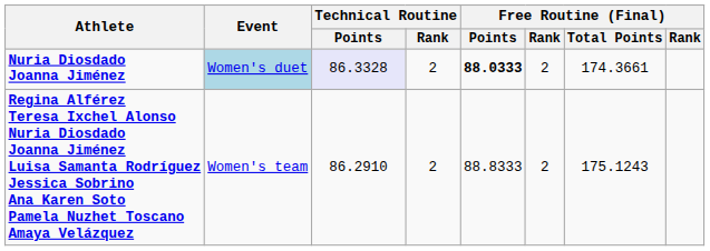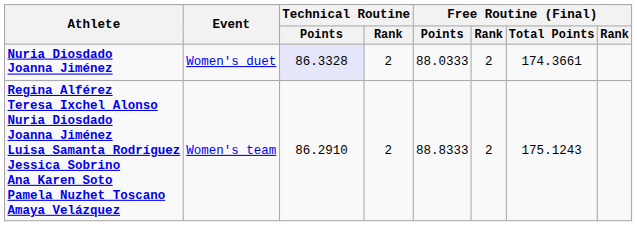 <table class=wikitable style="font-size:90%">
 <tr>
 <th rowspan="2">Athlete</th>
 <th rowspan="2">Event</th>
 <th colspan="2">Technical Routine</th>
 <th colspan="4">Free Routine (Final)</th>
 </tr>
 <tr style="font-size:95%">
 <th>Points</th>
 <th>Rank</th>
 <th>Points</th>
 <th>Rank</th>
 <th>Total Points</th>
 <th>Rank</th>
 </tr>
 <tr align=center>
 <td align=left><strong><a href='#'>Nuria Diosdado</a><br><a href='#'>Joanna Jiménez</a></strong></td>
-<td align=left style="background: lightblue;"><a href='#'>Women's duet</a></td>
+<td align=left><a href='#'>Women's duet</a></td>
 <td style="background: lavender;">86.3328</td>
 <td>2</td>
-<td><strong>88.0333</strong></td>
+<td>88.0333</td>
 <td>2</td>
 <td>174.3661</td>
 <td></td>
 </tr>
 <tr align=center>
 <td align=left><strong><a href='#'>Regina Alférez</a><br><a href='#'>Teresa Ixchel Alonso</a><br><a href='#'>Nuria Diosdado</a><br><a href='#'>Joanna Jiménez</a><br><a href='#'>Luisa Samanta Rodríguez</a><br><a href='#'>Jessica Sobrino</a><br><a href='#'>Ana Karen Soto</a><br><a href='#'>Pamela Nuzhet Toscano</a><br><a href='#'>Amaya Velázquez</a></strong></td>
 <td align=left><a href='#'>Women's team</a></td>
 <td>86.2910</td>
 <td>2</td>
 <td>88.8333</td>
 <td>2</td>
 <td>175.1243</td>
 <td></td>
 </tr>
 </table>
